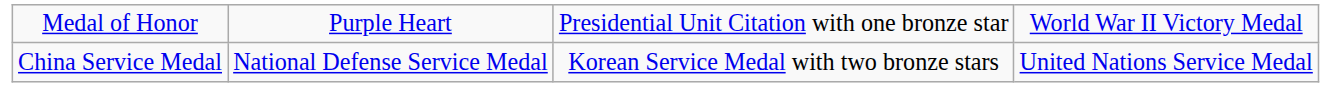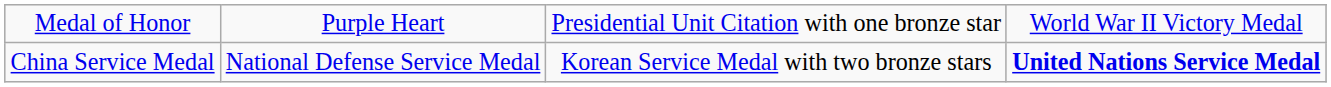 <table class="wikitable" style="margin:1em auto; text-align:center;">
 <tr>
 <td><a href='#'>Medal of Honor</a></td>
 <td><a href='#'>Purple Heart</a></td>
 <td><a href='#'>Presidential Unit Citation</a> with one bronze star</td>
 <td><a href='#'>World War II Victory Medal</a></td>
 </tr>
 <tr>
 <td><a href='#'>China Service Medal</a></td>
 <td><a href='#'>National Defense Service Medal</a></td>
 <td><a href='#'>Korean Service Medal</a> with two bronze stars</td>
-<td><a href='#'>United Nations Service Medal</a></td>
+<td><strong><a href='#'>United Nations Service Medal</a></strong></td>
 </tr>
 </table>
